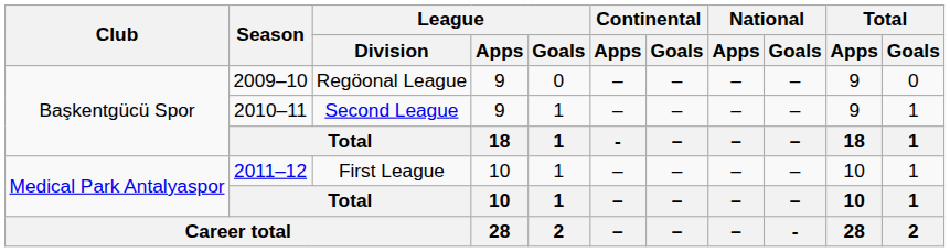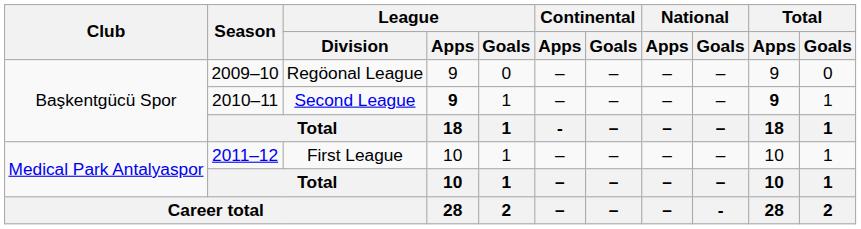 <table class="wikitable" style=text-align: center;">
 <tr>
 <th rowspan="2">Club</th>
 <th rowspan="2">Season</th>
 <th colspan="3">League</th>
 <th colspan="2">Continental</th>
 <th colspan="2">National</th>
 <th colspan="2">Total</th>
 </tr>
 <tr>
 <th>Division</th>
 <th>Apps</th>
 <th>Goals</th>
 <th>Apps</th>
 <th>Goals</th>
 <th>Apps</th>
 <th>Goals</th>
 <th>Apps</th>
 <th>Goals</th>
 </tr>
 <tr align=center>
 <td rowspan=3>Başkentgücü Spor</td>
 <td>2009–10</td>
 <td>Regöonal League</td>
 <td>9</td>
 <td>0</td>
 <td>–</td>
 <td>–</td>
 <td>–</td>
 <td>–</td>
 <td>9</td>
 <td>0</td>
 </tr>
 <tr align=center>
 <td>2010–11</td>
 <td><a href='#'>Second League</a></td>
-<td>9</td>
+<td><strong>9</strong></td>
 <td>1</td>
 <td>–</td>
 <td>–</td>
 <td>–</td>
 <td>–</td>
-<td>9</td>
+<td><strong>9</strong></td>
 <td>1</td>
 </tr>
 <tr>
 <th colspan=2>Total</th>
 <th>18</th>
 <th>1</th>
 <th>-</th>
 <th>–</th>
 <th>–</th>
 <th>–</th>
 <th>18</th>
 <th>1</th>
 </tr>
 <tr align=center>
 <td rowspan=2><a href='#'>Medical Park Antalyaspor</a></td>
 <td><a href='#'>2011–12</a></td>
 <td>First League</td>
 <td>10</td>
 <td>1</td>
 <td>–</td>
 <td>–</td>
 <td>–</td>
 <td>–</td>
 <td>10</td>
 <td>1</td>
 </tr>
 <tr>
 <th colspan=2>Total</th>
 <th>10</th>
 <th>1</th>
 <th>–</th>
 <th>–</th>
 <th>–</th>
 <th>–</th>
 <th>10</th>
 <th>1</th>
 </tr>
 <tr>
 <th colspan=3>Career total</th>
 <th>28</th>
 <th>2</th>
 <th>–</th>
 <th>–</th>
 <th>–</th>
 <th>-</th>
 <th>28</th>
 <th>2</th>
 </tr>
 </table>
